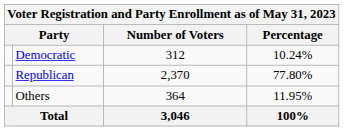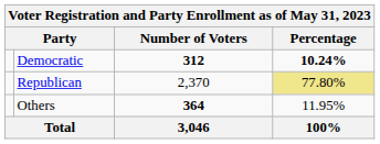 <table class=wikitable>
 <tr>
 <th colspan = 6>Voter Registration and Party Enrollment as of May 31, 2023</th>
 </tr>
 <tr>
 <th colspan = 2>Party</th>
 <th>Number of Voters</th>
 <th>Percentage</th>
 </tr>
 <tr>
 <td></td>
 <td><a href='#'>Democratic</a></td>
-<td align = center>312</td>
-<td align = center>10.24%</td>
+<td align = center><strong>312</strong></td>
+<td align = center><strong>10.24%</strong></td>
 </tr>
 <tr>
 <td></td>
 <td><a href='#'>Republican</a></td>
 <td align = center>2,370</td>
-<td align = center>77.80%</td>
+<td align = center style="background: khaki;">77.80%</td>
 </tr>
 <tr>
 <td></td>
 <td>Others</td>
-<td align = center>364</td>
+<td align = center><strong>364</strong></td>
 <td align = center>11.95%</td>
 </tr>
 <tr>
 <th colspan = 2>Total</th>
 <th align = center>3,046</th>
 <th align = center>100%</th>
 </tr>
 </table>
